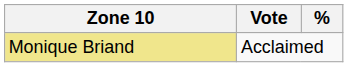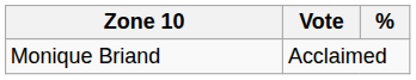 <table class="wikitable">
 <tr>
 <th bgcolor="#DDDDFF" width="200px">Zone 10</th>
 <th bgcolor="#DDDDFF" width="50px">Vote</th>
 <th bgcolor="#DDDDFF" width="30px">%</th>
 </tr>
 <tr>
-<td style="background: khaki;">Monique Briand</td>
+<td>Monique Briand</td>
 <td colspan="2">Acclaimed</td>
 </tr>
 </table>
